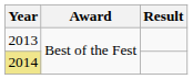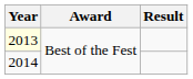 <table class="wikitable sortable">
 <tr>
 <th>Year</th>
 <th>Award</th>
 <th>Result</th>
 </tr>
 <tr>
-<td>2013</td>
+<td style="background: lightyellow;">2013</td>
 <td rowspan="2">Best of the Fest</td>
 <td></td>
 </tr>
 <tr>
-<td style="background: khaki;">2014</td>
+<td>2014</td>
 <td></td>
 </tr>
 </table>
